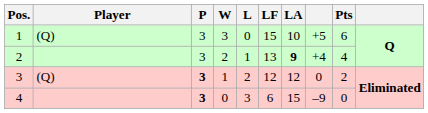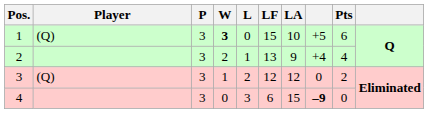 <table class="wikitable" style="text-align:center; margin: 1em auto 1em auto, align:left">
 <tr>
 <th width=20>Pos.</th>
 <th width=185>Player</th>
 <th width=20>P</th>
 <th width=20>W</th>
 <th width=20>L</th>
 <th width=20>LF</th>
 <th width=20>LA</th>
 <th width=25></th>
 <th width=20>Pts</th>
 <th width=70></th>
 </tr>
 <tr style="background:#CCFFCC;">
 <td>1</td>
 <td style="text-align:left"> (Q)</td>
 <td>3</td>
-<td>3</td>
+<td><strong>3</strong></td>
 <td>0</td>
 <td>15</td>
 <td>10</td>
 <td>+5</td>
 <td>6</td>
 <td rowspan=2><strong>Q</strong></td>
 </tr>
 <tr style="background:#CCFFCC;">
 <td>2</td>
 <td style="text-align:left"></td>
 <td>3</td>
 <td>2</td>
 <td>1</td>
 <td>13</td>
-<td><strong>9</strong></td>
+<td>9</td>
 <td>+4</td>
 <td>4</td>
 </tr>
 <tr style="background:#FFCCCC;">
 <td>3</td>
 <td style="text-align:left"> (Q)</td>
-<td><strong>3</strong></td>
+<td>3</td>
 <td>1</td>
 <td>2</td>
 <td>12</td>
 <td>12</td>
 <td>0</td>
 <td>2</td>
 <td rowspan=2><strong>Eliminated</strong></td>
 </tr>
 <tr style="background:#FFCCCC;">
 <td>4</td>
 <td style="text-align:left"></td>
-<td><strong>3</strong></td>
+<td>3</td>
 <td>0</td>
 <td>3</td>
 <td>6</td>
 <td>15</td>
-<td>–9</td>
+<td><strong>–9</strong></td>
 <td>0</td>
 </tr>
 </table>
